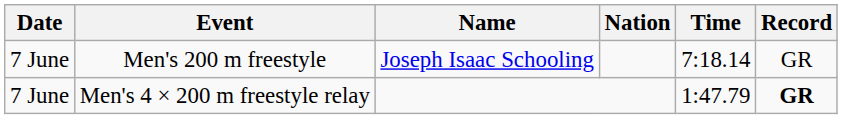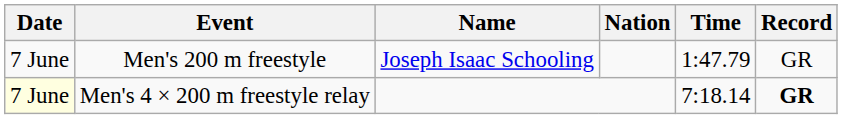 <table class="wikitable" style="text-align:center;">
 <tr>
 <th>Date</th>
 <th>Event</th>
 <th>Name</th>
 <th>Nation</th>
 <th>Time</th>
 <th>Record</th>
 </tr>
 <tr>
 <td>7 June</td>
 <td>Men's 200 m freestyle</td>
 <td><a href='#'>Joseph Isaac Schooling</a></td>
 <td></td>
-<td>7:18.14</td>
+<td>1:47.79</td>
 <td align=center>GR</td>
 </tr>
 <tr>
-<td>7 June</td>
+<td style="background: lightyellow;">7 June</td>
 <td>Men's 4 × 200 m freestyle relay</td>
 <td colspan="2"></td>
-<td>1:47.79</td>
+<td>7:18.14</td>
 <td align=center><strong>GR</strong></td>
 </tr>
 </table>
